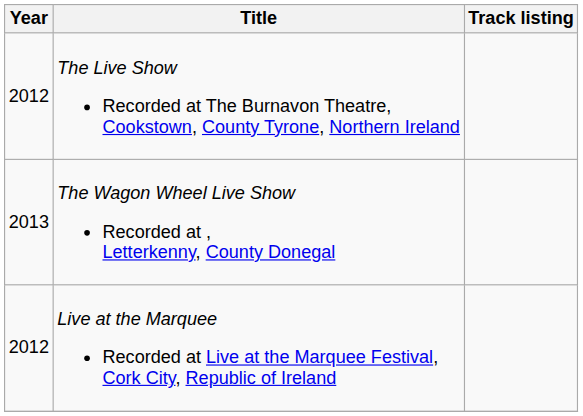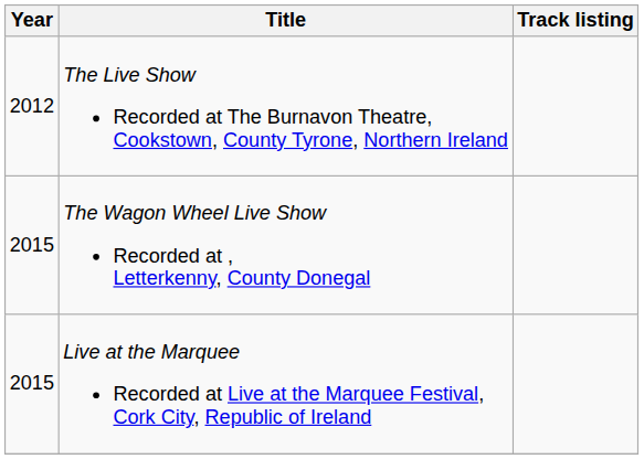 <table class="wikitable">
 <tr>
 <th>Year</th>
 <th>Title</th>
 <th>Track listing</th>
 </tr>
 <tr>
 <td>2012</td>
 <td><br><em>The Live Show</em><ul><li>Recorded at The Burnavon Theatre, <br><a href='#'>Cookstown</a>, <a href='#'>County Tyrone</a>, <a href='#'>Northern Ireland</a></li></ul></td>
 <td><br></td>
 </tr>
 <tr>
-<td>2013</td>
+<td>2015</td>
 <td><br><em>The Wagon Wheel Live Show</em><ul><li>Recorded at , <br><a href='#'>Letterkenny</a>, <a href='#'>County Donegal</a></li></ul></td>
 <td><br></td>
 </tr>
 <tr>
-<td>2012</td>
+<td>2015</td>
 <td><br><em>Live at the Marquee</em><ul><li>Recorded at <a href='#'>Live at the Marquee Festival</a>,<br> <a href='#'>Cork City</a>, <a href='#'>Republic of Ireland</a></li></ul></td>
 <td><br></td>
 </tr>
 <tr>
 </tr>
 </table>
